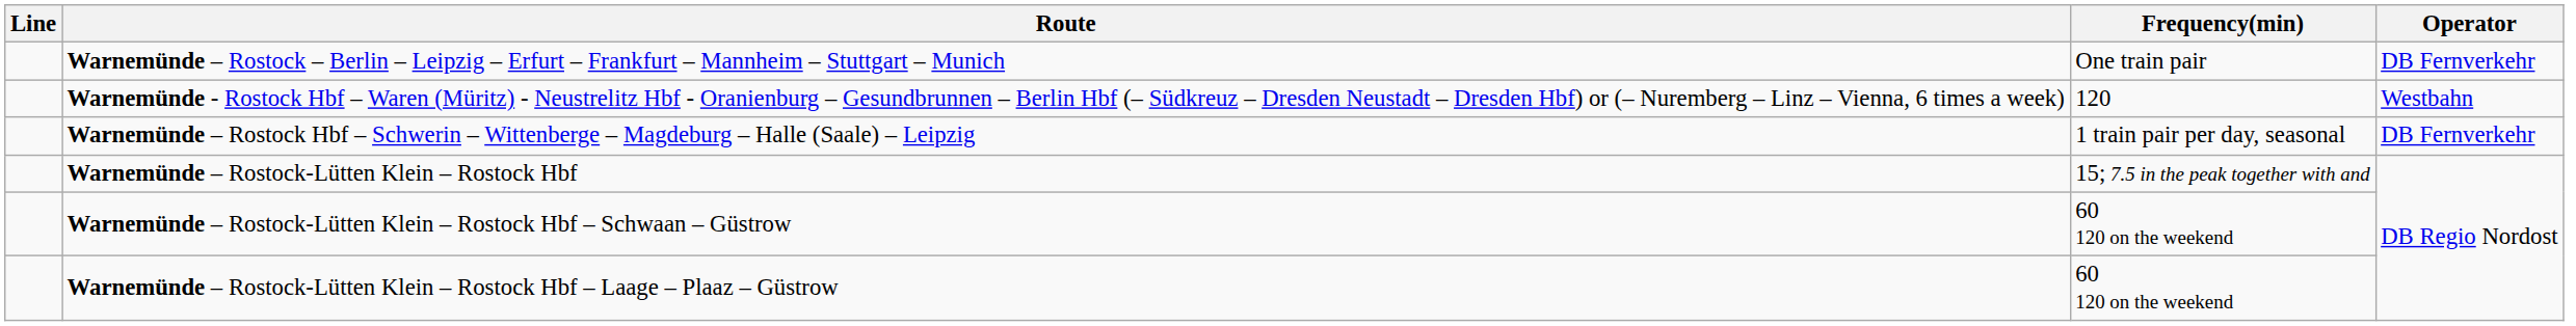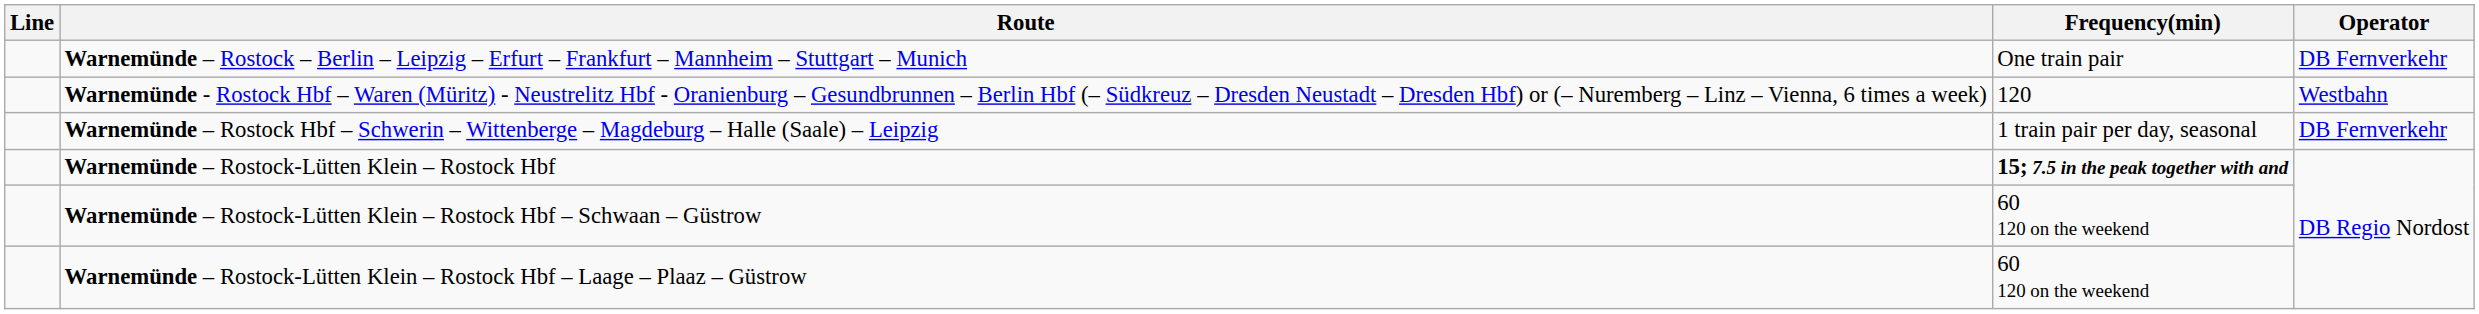 <table class="wikitable">
 <tr>
 <th>Line</th>
 <th>Route</th>
 <th>Frequency(min)</th>
 <th>Operator</th>
 </tr>
 <tr>
 <td align=center></td>
 <td><strong>Warnemünde</strong> – <a href='#'>Rostock</a> – <a href='#'>Berlin</a> – <a href='#'>Leipzig</a> – <a href='#'>Erfurt</a> – <a href='#'>Frankfurt</a> – <a href='#'>Mannheim</a> – <a href='#'>Stuttgart</a> – <a href='#'>Munich</a></td>
 <td>One train pair</td>
 <td><a href='#'>DB&nbsp;Fernverkehr</a></td>
 </tr>
 <tr>
 <td align="center"></td>
 <td><strong>Warnemünde</strong>  - <a href='#'>Rostock Hbf</a> – <a href='#'>Waren (Müritz)</a> - <a href='#'>Neustrelitz Hbf</a> - <a href='#'>Oranienburg</a> – <a href='#'>Gesundbrunnen</a> – <a href='#'>Berlin Hbf</a> (– <a href='#'>Südkreuz</a> – <a href='#'>Dresden Neustadt</a> – <a href='#'>Dresden Hbf</a>) or (– Nuremberg –  Linz – Vienna, 6 times a week)</td>
 <td>120</td>
 <td><a href='#'>Westbahn</a></td>
 </tr>
 <tr>
 <td align="center"></td>
 <td><strong>Warnemünde</strong> – Rostock Hbf – <a href='#'>Schwerin</a> – <a href='#'>Wittenberge</a> – <a href='#'>Magdeburg</a> – Halle (Saale) – <a href='#'>Leipzig</a></td>
 <td>1 train pair per day, seasonal</td>
 <td><a href='#'>DB Fernverkehr</a></td>
 </tr>
 <tr>
 <td align="center"></td>
 <td><strong>Warnemünde</strong> – Rostock-Lütten Klein – Rostock Hbf</td>
-<td>15;<small><em> 7.5 in the peak together with  and </em></small></td>
+<td><strong>15;<small><em> 7.5 in the peak together with  and </em></small></strong></td>
 <td rowspan=3><a href='#'>DB Regio</a> Nordost</td>
 </tr>
 <tr>
 <td align="center"></td>
 <td><strong>Warnemünde</strong> – Rostock-Lütten Klein – Rostock Hbf – Schwaan – Güstrow</td>
 <td>60<br><small>120 on the weekend</small></td>
 </tr>
 <tr>
 <td align="center"></td>
 <td><strong>Warnemünde</strong> – Rostock-Lütten Klein – Rostock Hbf – Laage – Plaaz – Güstrow</td>
 <td>60<br><small>120 on the weekend</small></td>
 </tr>
 </table>
